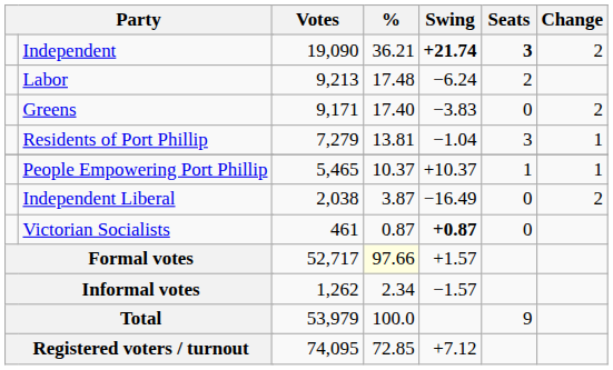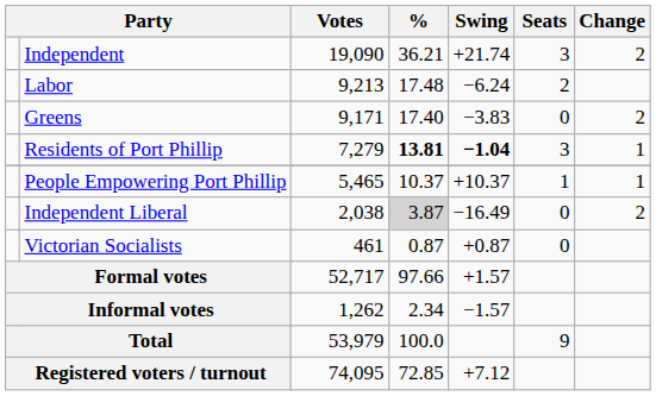 <table class="wikitable" style="text-align:right; margin-bottom:0">
 <tr>
 <th colspan="3" style="width:10px">Party</th>
 <th style="width:70px;">Votes</th>
 <th style="width:40px;">%</th>
 <th style="width:40px;">Swing</th>
 <th style="width:40px;">Seats</th>
 <th style="width:40px;">Change</th>
 </tr>
 <tr>
 <td> </td>
 <td colspan="2" style="text-align:left;"><a href='#'>Independent</a></td>
 <td style="width:70px;">19,090</td>
 <td style="width:40px;">36.21</td>
-<td style="width:45px;"><strong>+21.74</strong></td>
-<td style="width:40px;"><strong>3</strong></td>
+<td style="width:45px;">+21.74</td>
+<td style="width:40px;">3</td>
 <td style="width:40px;"> 2</td>
 </tr>
 <tr>
 <td> </td>
 <td colspan="2" style="text-align:left;"><a href='#'>Labor</a></td>
 <td>9,213</td>
 <td>17.48</td>
 <td>−6.24</td>
 <td>2</td>
 <td></td>
 </tr>
 <tr>
 <td> </td>
 <td colspan="2" style="text-align:left;"><a href='#'>Greens</a></td>
 <td>9,171</td>
 <td>17.40</td>
 <td>−3.83</td>
 <td>0</td>
 <td> 2</td>
 </tr>
 <tr>
 <td> </td>
 <td colspan="2" style="text-align:left;"><a href='#'>Residents of Port Phillip</a></td>
 <td>7,279</td>
-<td>13.81</td>
-<td>−1.04</td>
+<td><strong>13.81</strong></td>
+<td><strong>−1.04</strong></td>
 <td>3</td>
 <td> 1</td>
 </tr>
 <tr>
 </tr>
 <tr>
 <td> </td>
 <td colspan="2" style="text-align:left;"><a href='#'>People Empowering Port Phillip</a></td>
 <td>5,465</td>
 <td>10.37</td>
 <td>+10.37</td>
 <td>1</td>
 <td> 1</td>
 </tr>
 <tr>
 <td> </td>
 <td colspan="2" style="text-align:left;"><a href='#'>Independent Liberal</a></td>
 <td>2,038</td>
-<td>3.87</td>
+<td style="background: lightgrey;">3.87</td>
 <td>−16.49</td>
 <td>0</td>
 <td> 2</td>
 </tr>
 <tr>
 <td> </td>
 <td colspan="2" style="text-align:left;"><a href='#'>Victorian Socialists</a></td>
 <td>461</td>
 <td>0.87</td>
-<td><strong>+0.87</strong></td>
+<td>+0.87</td>
 <td>0</td>
 <td></td>
 </tr>
 <tr>
 <th colspan="3" rowspan="1"> Formal votes</th>
 <td>52,717</td>
-<td style="background: lightyellow;">97.66</td>
+<td>97.66</td>
 <td>+1.57</td>
 <td></td>
 <td></td>
 </tr>
 <tr>
 <th colspan="3" rowspan="1"> Informal votes</th>
 <td>1,262</td>
 <td>2.34</td>
 <td>−1.57</td>
 <td></td>
 <td></td>
 </tr>
 <tr>
 <th colspan="3" rowspan="1"> Total</th>
 <td>53,979</td>
 <td>100.0</td>
 <td></td>
 <td>9</td>
 <td></td>
 </tr>
 <tr>
 <th colspan="3" rowspan="1"> Registered voters / turnout</th>
 <td>74,095</td>
 <td>72.85</td>
 <td>+7.12</td>
 <td></td>
 <td></td>
 </tr>
 </table>
